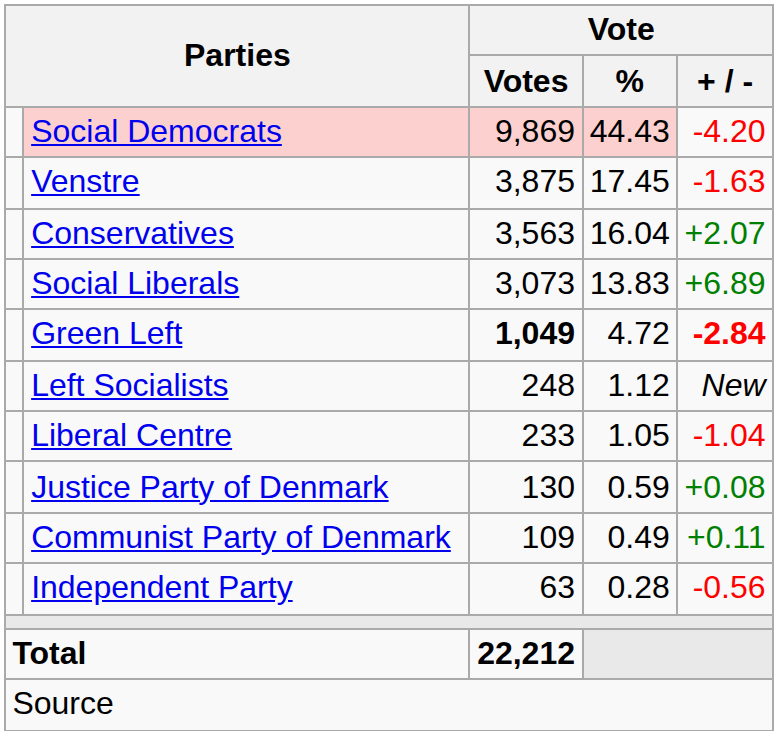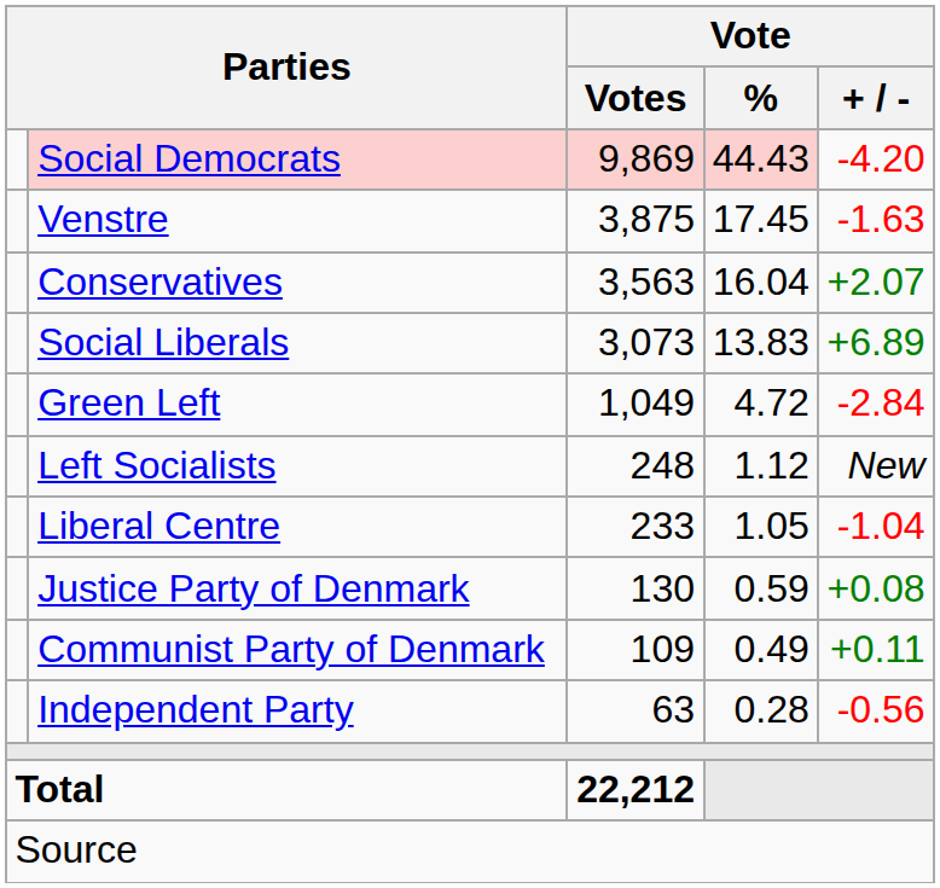 <table class="wikitable" style="text-align:right;">
 <tr>
 <th style="text-align:centre;" rowspan="2" colspan="2" width="225">Parties</th>
 <th colspan="3">Vote</th>
 </tr>
 <tr>
 <th width="15">Votes</th>
 <th width="15">%</th>
 <th width="15">+ / -</th>
 </tr>
 <tr>
 <td width="2" style="color:inherit;background:"></td>
 <td bgcolor=#fbd0ce  align="left"><a href='#'>Social Democrats</a></td>
 <td bgcolor=#fbd0ce>9,869</td>
 <td bgcolor=#fbd0ce>44.43</td>
 <td style=color:red;>-4.20</td>
 </tr>
 <tr>
 <td width="2" style="color:inherit;background:"></td>
 <td align="left"><a href='#'>Venstre</a></td>
 <td>3,875</td>
 <td>17.45</td>
 <td style=color:red;>-1.63</td>
 </tr>
 <tr>
 <td width="2" style="color:inherit;background:"></td>
 <td align="left"><a href='#'>Conservatives</a></td>
 <td>3,563</td>
 <td>16.04</td>
 <td style=color:green;>+2.07</td>
 </tr>
 <tr>
 <td width="2" style="color:inherit;background:"></td>
 <td align="left"><a href='#'>Social Liberals</a></td>
 <td>3,073</td>
 <td>13.83</td>
 <td style=color:green;>+6.89</td>
 </tr>
 <tr>
 <td width="2" style="color:inherit;background:"></td>
 <td align="left"><a href='#'>Green Left</a></td>
-<td><strong>1,049</strong></td>
+<td>1,049</td>
 <td>4.72</td>
-<td style=color:red;><strong>-2.84</strong></td>
+<td style=color:red;>-2.84</td>
 </tr>
 <tr>
 <td width="2" style="color:inherit;background:"></td>
 <td align="left"><a href='#'>Left Socialists</a></td>
 <td>248</td>
 <td>1.12</td>
 <td><em>New</em></td>
 </tr>
 <tr>
 <td width="2" style="color:inherit;background:"></td>
 <td align="left"><a href='#'>Liberal Centre</a></td>
 <td>233</td>
 <td>1.05</td>
 <td style=color:red;>-1.04</td>
 </tr>
 <tr>
 <td width="2" style="color:inherit;background:"></td>
 <td align="left"><a href='#'>Justice Party of Denmark</a></td>
 <td>130</td>
 <td>0.59</td>
 <td style=color:green;>+0.08</td>
 </tr>
 <tr>
 <td width="2" style="color:inherit;background:"></td>
 <td align="left"><a href='#'>Communist Party of Denmark</a></td>
 <td>109</td>
 <td>0.49</td>
 <td style=color:green;>+0.11</td>
 </tr>
 <tr>
 <td width="2" style="color:inherit;background:"></td>
 <td align="left"><a href='#'>Independent Party</a></td>
 <td>63</td>
 <td>0.28</td>
 <td style=color:red;>-0.56</td>
 </tr>
 <tr>
 <td colspan="7" bgcolor="#E9E9E9"></td>
 </tr>
 <tr>
 <td align="left" colspan="2"><strong>Total</strong></td>
 <td><strong>22,212</strong></td>
 <td bgcolor="#E9E9E9" colspan="2"></td>
 </tr>
 <tr>
 <td align="left" colspan="6">Source</td>
 </tr>
 </table>
